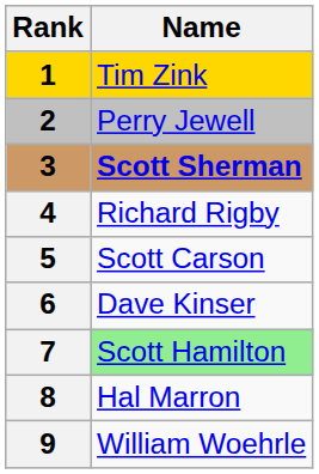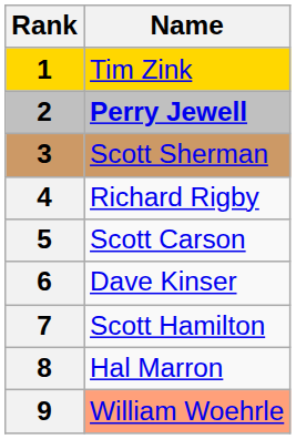 <table class="wikitable">
 <tr>
 <th>Rank</th>
 <th>Name</th>
 </tr>
 <tr bgcolor="gold">
 <td align="center"><strong>1</strong></td>
 <td><a href='#'>Tim Zink</a></td>
 </tr>
 <tr bgcolor="silver">
 <td align="center"><strong>2</strong></td>
-<td><a href='#'>Perry Jewell</a></td>
+<td><strong><a href='#'>Perry Jewell</a></strong></td>
 </tr>
 <tr bgcolor="cc9966">
 <td align="center"><strong>3</strong></td>
-<td><strong><a href='#'>Scott Sherman</a></strong></td>
+<td><a href='#'>Scott Sherman</a></td>
 </tr>
 <tr>
 <th>4</th>
 <td><a href='#'>Richard Rigby</a></td>
 </tr>
 <tr>
 <th>5</th>
 <td><a href='#'>Scott Carson</a></td>
 </tr>
 <tr>
 <th>6</th>
 <td><a href='#'>Dave Kinser</a></td>
 </tr>
 <tr>
 <th>7</th>
-<td style="background: lightgreen;"><a href='#'>Scott Hamilton</a></td>
+<td><a href='#'>Scott Hamilton</a></td>
 </tr>
 <tr>
 <th>8</th>
 <td><a href='#'>Hal Marron</a></td>
 </tr>
 <tr>
 <th>9</th>
-<td><a href='#'>William Woehrle</a></td>
+<td style="background: lightsalmon;"><a href='#'>William Woehrle</a></td>
 </tr>
 </table>
